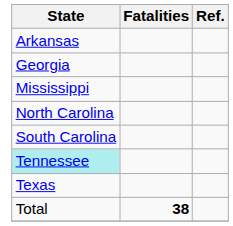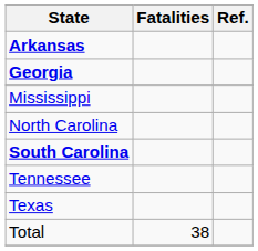 <table class="wikitable sortable" style="margin:0 0 0.5em 1em;float:right;">
 <tr>
 <th scope="col">State</th>
 <th scope="col">Fatalities</th>
 <th scope="col" class="unsortable">Ref.</th>
 </tr>
 <tr>
-<td scope="row"><a href='#'>Arkansas</a></td>
+<td scope="row"><strong><a href='#'>Arkansas</a></strong></td>
 <td align="right"></td>
 <td></td>
 </tr>
 <tr>
-<td scope="row"><a href='#'>Georgia</a></td>
+<td scope="row"><strong><a href='#'>Georgia</a></strong></td>
 <td align="right"></td>
 <td></td>
 </tr>
 <tr>
 <td scope="row"><a href='#'>Mississippi</a></td>
 <td align="right"></td>
 <td></td>
 </tr>
 <tr>
 <td scope="row"><a href='#'>North Carolina</a></td>
 <td align="right"></td>
 <td></td>
 </tr>
 <tr>
-<td scope="row"><a href='#'>South Carolina</a></td>
+<td scope="row"><strong><a href='#'>South Carolina</a></strong></td>
 <td align="right"></td>
 <td></td>
 </tr>
 <tr>
-<td scope="row" style="background: paleturquoise;"><a href='#'>Tennessee</a></td>
+<td scope="row"><a href='#'>Tennessee</a></td>
 <td align="right"></td>
 <td></td>
 </tr>
 <tr>
 <td scope="row"><a href='#'>Texas</a></td>
 <td align="right"></td>
 <td></td>
 </tr>
 <tr class="sortbottom">
 <td scope="row">Total</td>
-<td align="right"><strong>38</strong></td>
+<td align="right">38</td>
 <td></td>
 </tr>
 <tr>
 </tr>
 </table>
